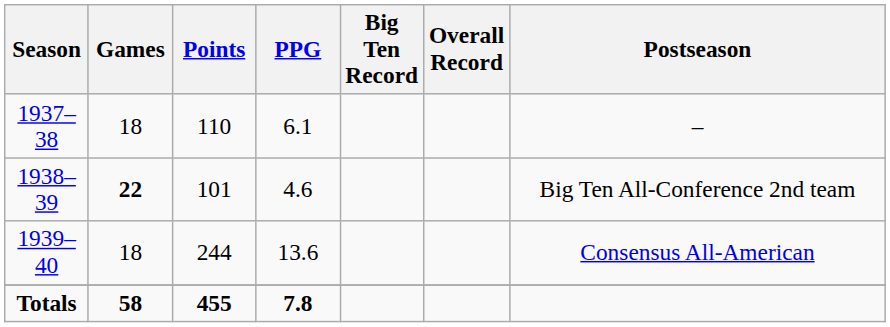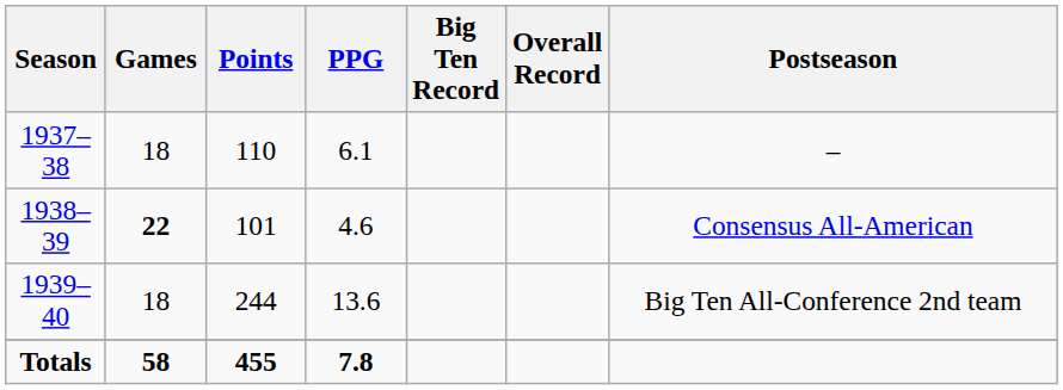 <table class="wikitable sortable" style="text-align:center">
 <tr>
 <th width=50px>Season</th>
 <th width=50px>Games</th>
 <th width=50px><a href='#'>Points</a></th>
 <th width=50px><a href='#'>PPG</a></th>
 <th width=50px>Big Ten <br>Record</th>
 <th width=50px>Overall <br>Record</th>
 <th width=250px>Postseason</th>
 </tr>
 <tr>
 <td><a href='#'>1937–38</a></td>
 <td>18</td>
 <td>110</td>
 <td>6.1</td>
 <td></td>
 <td></td>
 <td>–</td>
 </tr>
 <tr>
 <td><a href='#'>1938–39</a></td>
 <td><strong>22</strong></td>
 <td>101</td>
 <td>4.6</td>
 <td></td>
 <td></td>
-<td>Big Ten All-Conference 2nd team</td>
+<td><a href='#'>Consensus All-American</a></td>
 </tr>
 <tr>
 <td><a href='#'>1939–40</a></td>
 <td>18</td>
 <td>244</td>
 <td>13.6</td>
 <td></td>
 <td></td>
-<td><a href='#'>Consensus All-American</a></td>
+<td>Big Ten All-Conference 2nd team</td>
 </tr>
 <tr>
 </tr>
 <tr class="sortbottom">
 <td><strong>Totals</strong></td>
 <td><strong>58</strong></td>
 <td><strong>455</strong></td>
 <td><strong>7.8</strong></td>
 <td><strong></strong></td>
 <td><strong></strong></td>
 <td></td>
 </tr>
 </table>
